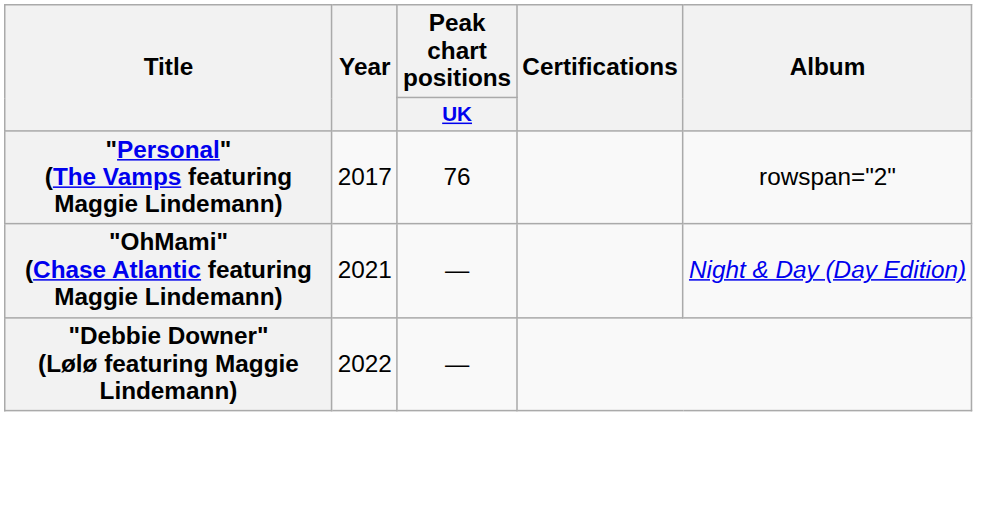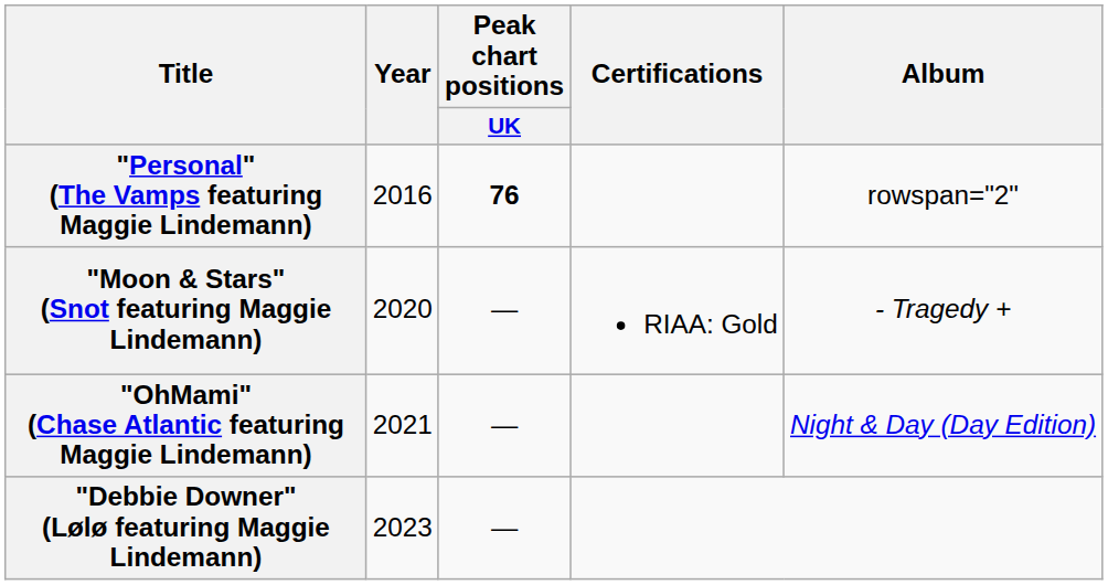 <table class="wikitable plainrowheaders" style="text-align:center;">
 <tr>
 <th scope="col" rowspan="2" style="width:13em;">Title</th>
 <th scope="col" rowspan="2" style="width:1em;">Year</th>
 <th colspan="1" scope="col">Peak chart positions</th>
 <th scope="col" rowspan="2">Certifications</th>
 <th scope="col" rowspan="2">Album</th>
 </tr>
 <tr>
 <th scope="col" style="width:3em;font-size:85%;"><a href='#'>UK</a><br></th>
 </tr>
 <tr>
 <th scope="row">"<a href='#'>Personal</a>"<br><span>(<a href='#'>The Vamps</a> featuring Maggie Lindemann)</span></th>
-<td>2017</td>
-<td>76</td>
+<td>2016</td>
+<td><strong>76</strong></td>
 <td></td>
 <td>rowspan="2" </td>
+</tr>
+<tr>
+<th scope="row">"Moon & Stars"<br><span>(<a href='#'>Snot</a> featuring Maggie Lindemann)</span></th>
+<td>2020</td>
+<td>—</td>
+<td><br><ul><li>RIAA: Gold</li></ul></td>
+<td><em>- Tragedy +</em></td>
 </tr>
 <tr>
 <th scope="row">"OhMami"<br><span>(<a href='#'>Chase Atlantic</a> featuring Maggie Lindemann)</span></th>
 <td>2021</td>
 <td>—</td>
 <td></td>
 <td><em><a href='#'>Night & Day (Day Edition)</a></em></td>
 </tr>
 <tr>
 <th scope="row">"Debbie Downer" <br><span>(Lølø featuring Maggie Lindemann)</span></th>
-<td>2022</td>
+<td>2023</td>
 <td>—</td>
 </tr>
 </table>
